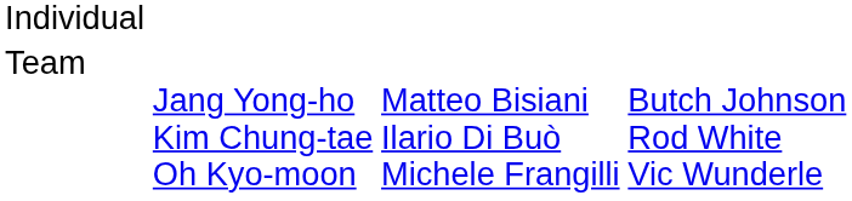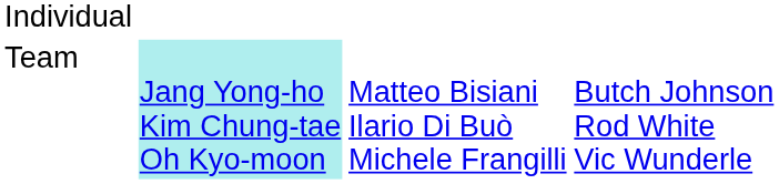 <table>
 <tr>
 <td>Individual<br></td>
 <td></td>
 <td></td>
 <td></td>
 </tr>
 <tr valign="top">
 <td>Team<br></td>
-<td><br><a href='#'>Jang Yong-ho</a><br><a href='#'>Kim Chung-tae</a><br><a href='#'>Oh Kyo-moon</a></td>
+<td style="background: paleturquoise;"><br><a href='#'>Jang Yong-ho</a><br><a href='#'>Kim Chung-tae</a><br><a href='#'>Oh Kyo-moon</a></td>
 <td><br><a href='#'>Matteo Bisiani</a><br><a href='#'>Ilario Di Buò</a><br><a href='#'>Michele Frangilli</a></td>
 <td><br><a href='#'>Butch Johnson</a><br><a href='#'>Rod White</a><br><a href='#'>Vic Wunderle</a></td>
 </tr>
 </table>
